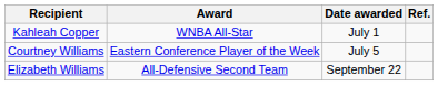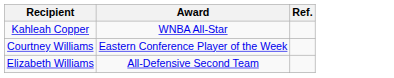 <table class="wikitable sortable sortable" style="text-align: center">
 <tr>
 <th>Recipient</th>
 <th>Award</th>
-<th>Date awarded</th>
 <th class="unsortable">Ref.</th>
 </tr>
 <tr>
 <td><a href='#'>Kahleah Copper</a></td>
 <td><a href='#'>WNBA All-Star</a></td>
-<td>July 1</td>
 <td></td>
 </tr>
 <tr>
 <td><a href='#'>Courtney Williams</a></td>
 <td><a href='#'>Eastern Conference Player of the Week</a></td>
-<td>July 5</td>
 <td></td>
 </tr>
 <tr>
 <td><a href='#'>Elizabeth Williams</a></td>
 <td><a href='#'>All-Defensive Second Team</a></td>
-<td>September 22</td>
 <td></td>
 </tr>
 </table>
